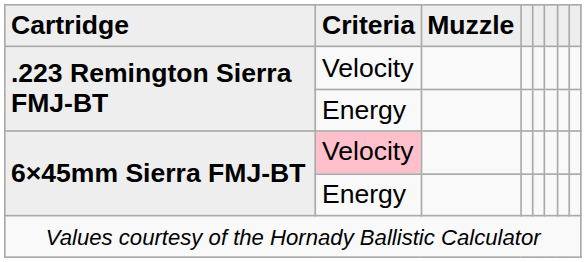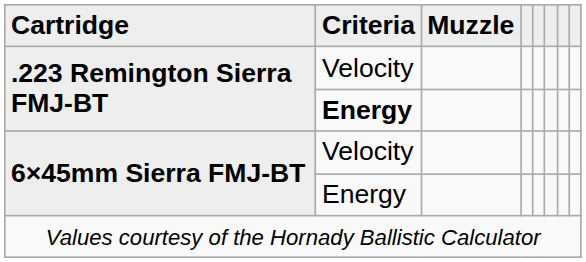 <table class="wikitable" border="1">
 <tr>
 <td style="background: #eeeeee" width="180pt"><strong>Cartridge</strong></td>
 <td style="background: #eeeeee"><strong>Criteria</strong></td>
 <td style="background: #eeeeee"><strong>Muzzle</strong></td>
 <td style="background: #eeeeee"><strong></strong></td>
 <td style="background: #eeeeee"><strong></strong></td>
 <td style="background: #eeeeee"><strong></strong></td>
 <td style="background: #eeeeee"><strong></strong></td>
 <td style="background: #eeeeee"><strong></strong></td>
 </tr>
 <tr>
 <td style="background: #eeeeee" rowspan="2"><strong>.223 Remington  Sierra FMJ-BT</strong></td>
 <td>Velocity</td>
 <td></td>
 <td></td>
 <td></td>
 <td></td>
 <td></td>
 <td></td>
 </tr>
 <tr>
-<td>Energy</td>
+<td><strong>Energy</strong></td>
 <td></td>
 <td></td>
 <td></td>
 <td></td>
 <td></td>
 <td></td>
 </tr>
 <tr>
 <td style="background: #eeeeee" rowspan="2"><strong>6×45mm  Sierra FMJ-BT</strong></td>
-<td style="background: pink;">Velocity</td>
+<td>Velocity</td>
 <td></td>
 <td></td>
 <td></td>
 <td></td>
 <td></td>
 <td></td>
 </tr>
 <tr>
 <td>Energy</td>
 <td></td>
 <td></td>
 <td></td>
 <td></td>
 <td></td>
 <td></td>
 </tr>
 <tr>
 <td colspan="8" align="center"><small><em>Values courtesy of the Hornady Ballistic Calculator</em></small></td>
 </tr>
 </table>
